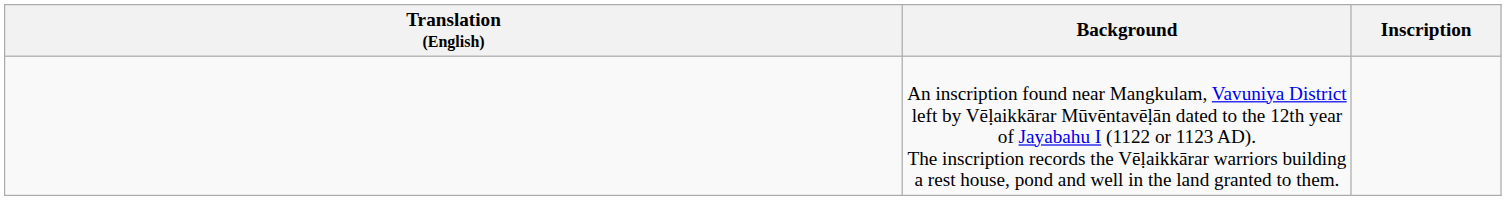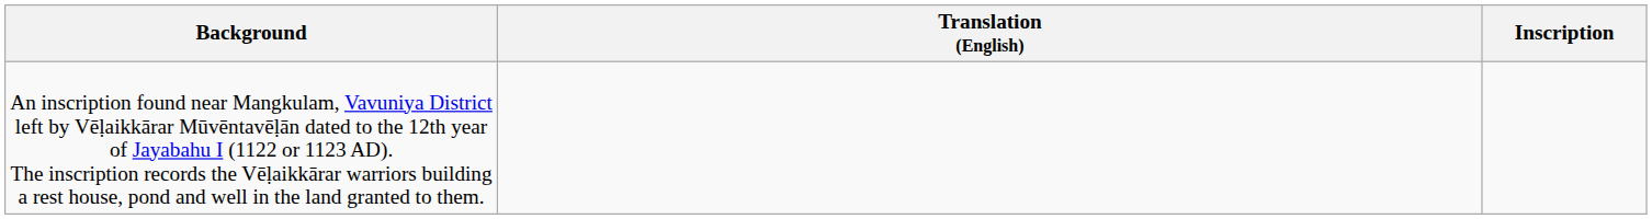 <table class="wikitable centre">
 <tr>
+<th scope="col" align=left>Background<br></th>
 <th>Translation<br><small>(English)</small></th>
-<th scope="col" align=left>Background<br></th>
 <th>Inscription<br></th>
 </tr>
 <tr>
+<td align=center width="30%"><br>An inscription found near Mangkulam, <a href='#'>Vavuniya District</a> left by Vēḷaikkārar Mūvēntavēḷān dated to the 12th year of <a href='#'>Jayabahu I</a> (1122 or 1123 AD).<br>The inscription records the Vēḷaikkārar warriors building a rest house, pond and well in the land granted to them.</td>
 <td align=left></td>
-<td align=center width="30%"><br>An inscription found near Mangkulam, <a href='#'>Vavuniya District</a> left by Vēḷaikkārar Mūvēntavēḷān dated to the 12th year of <a href='#'>Jayabahu I</a> (1122 or 1123 AD).<br>The inscription records the Vēḷaikkārar warriors building a rest house, pond and well in the land granted to them.</td>
 <td align=center width="10%"><br></td>
 </tr>
 </table>
